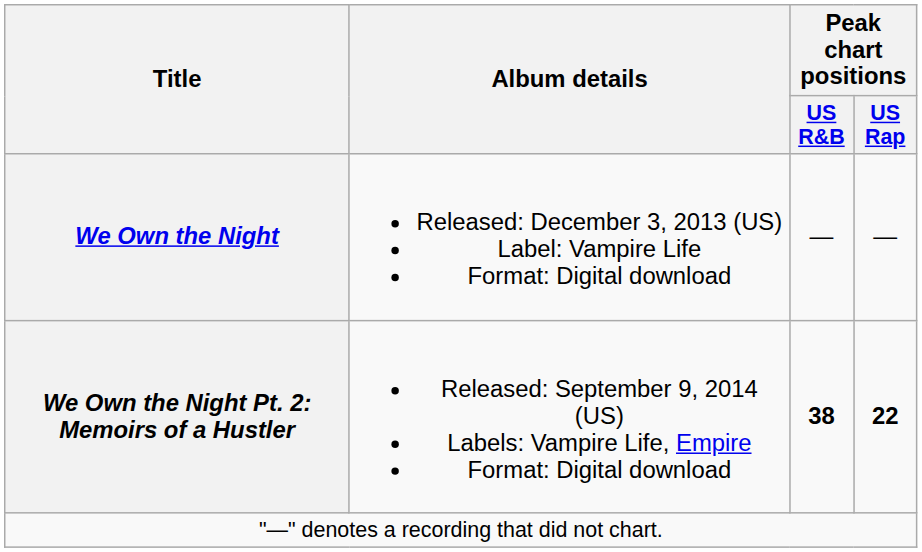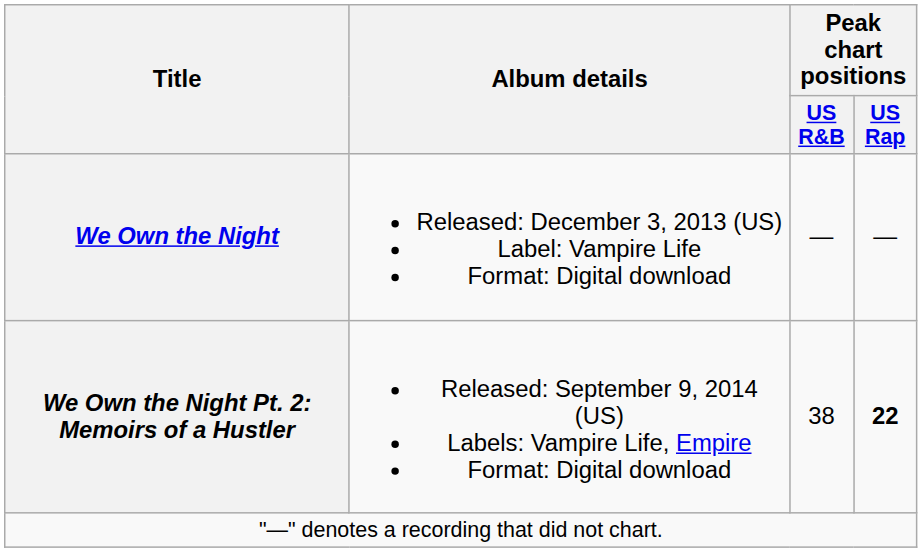 <table class="wikitable plainrowheaders" style="text-align:center;" border="1">
 <tr>
 <th scope="col" rowspan="2" style="width:14em;">Title</th>
 <th scope="col" rowspan="2" style="width:18em;">Album details</th>
 <th scope="col" colspan="2">Peak chart positions</th>
 </tr>
 <tr>
 <th scope="col" style="width:2.5em;font-size:90%;"><a href='#'>US<br>R&B</a><br></th>
 <th scope="col" style="width:2.5em;font-size:90%;"><a href='#'>US<br>Rap</a><br></th>
 </tr>
 <tr>
 <th scope="row"><em><a href='#'>We Own the Night</a></em></th>
 <td><br><ul><li>Released: December 3, 2013 <span>(US)</span></li><li>Label: Vampire Life</li><li>Format: Digital download</li></ul></td>
 <td>—</td>
 <td>—</td>
 </tr>
 <tr>
 <th scope="row"><em>We Own the Night Pt. 2: Memoirs of a Hustler</em></th>
 <td><br><ul><li>Released: September 9, 2014 <span>(US)</span></li><li>Labels: Vampire Life, <a href='#'>Empire</a></li><li>Format: Digital download</li></ul></td>
-<td><strong>38</strong></td>
+<td>38</td>
 <td><strong>22</strong></td>
 </tr>
 <tr>
 <td colspan="14" style="font-size:90%">"—" denotes a recording that did not chart.</td>
 </tr>
 </table>
